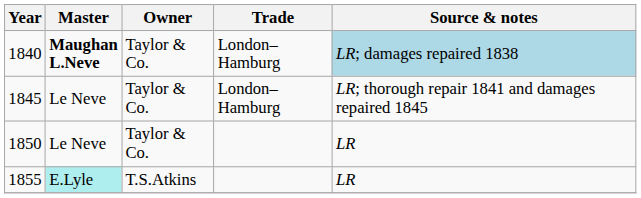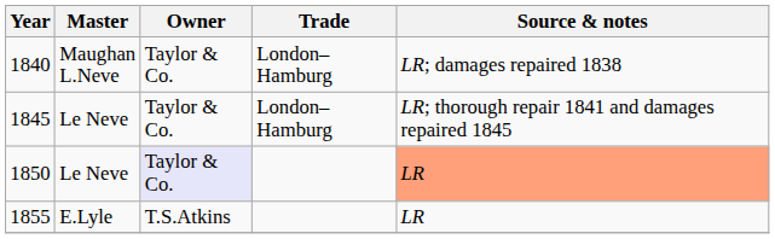 <table class=" wikitable">
 <tr>
 <th>Year</th>
 <th>Master</th>
 <th>Owner</th>
 <th>Trade</th>
 <th>Source & notes</th>
 </tr>
 <tr>
 <td>1840</td>
-<td><strong>Maughan<br>L.Neve</strong></td>
+<td>Maughan<br>L.Neve</td>
 <td>Taylor & Co.</td>
 <td>London–Hamburg</td>
-<td style="background: lightblue;"><em>LR</em>; damages repaired 1838</td>
+<td><em>LR</em>; damages repaired 1838</td>
 </tr>
 <tr>
 <td>1845</td>
 <td>Le Neve</td>
 <td>Taylor & Co.</td>
 <td>London–Hamburg</td>
 <td><em>LR</em>; thorough repair 1841 and damages repaired 1845</td>
 </tr>
 <tr>
 <td>1850</td>
 <td>Le Neve</td>
-<td>Taylor & Co.</td>
+<td style="background: lavender;">Taylor & Co.</td>
 <td></td>
-<td><em>LR</em></td>
+<td style="background: lightsalmon;"><em>LR</em></td>
 </tr>
 <tr>
 <td>1855</td>
-<td style="background: paleturquoise;">E.Lyle</td>
+<td>E.Lyle</td>
 <td>T.S.Atkins</td>
 <td></td>
 <td><em>LR</em></td>
 </tr>
 <tr>
 </tr>
 </table>
